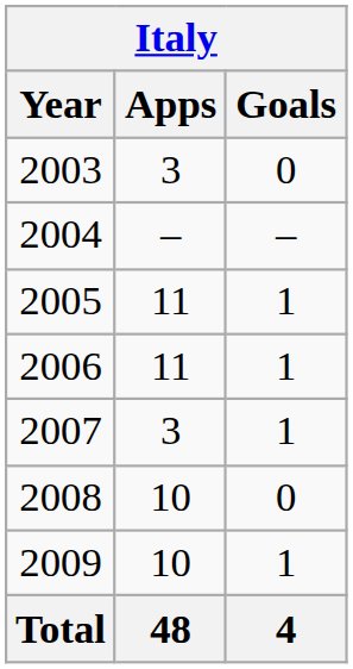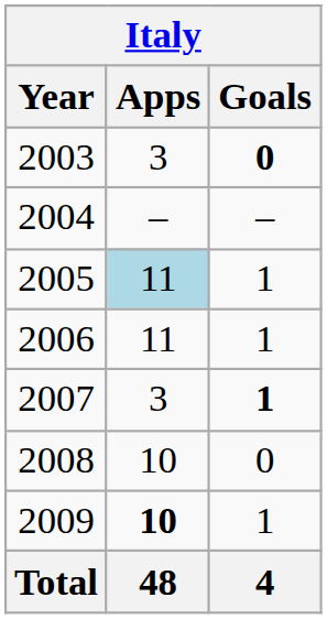 <table class="wikitable" style="text-align:center">
 <tr>
 <th colspan="3"><a href='#'>Italy</a></th>
 </tr>
 <tr>
 <th>Year</th>
 <th>Apps</th>
 <th>Goals</th>
 </tr>
 <tr>
 <td>2003</td>
 <td>3</td>
-<td>0</td>
+<td><strong>0</strong></td>
 </tr>
 <tr>
 <td>2004</td>
 <td>–</td>
 <td>–</td>
 </tr>
 <tr>
 <td>2005</td>
-<td>11</td>
+<td style="background: lightblue;">11</td>
 <td>1</td>
 </tr>
 <tr>
 <td>2006</td>
 <td>11</td>
 <td>1</td>
 </tr>
 <tr>
 <td>2007</td>
 <td>3</td>
-<td>1</td>
+<td><strong>1</strong></td>
 </tr>
 <tr>
 <td>2008</td>
 <td>10</td>
 <td>0</td>
 </tr>
 <tr>
 <td>2009</td>
-<td>10</td>
+<td><strong>10</strong></td>
 <td>1</td>
 </tr>
 <tr>
 <th>Total</th>
 <th>48</th>
 <th>4</th>
 </tr>
 </table>
